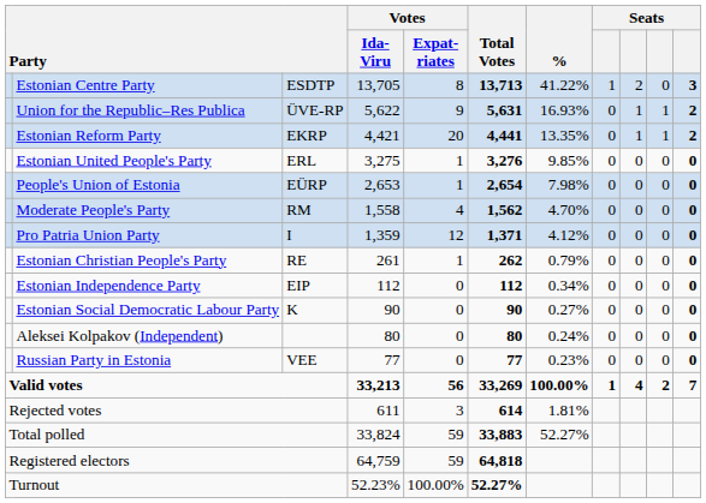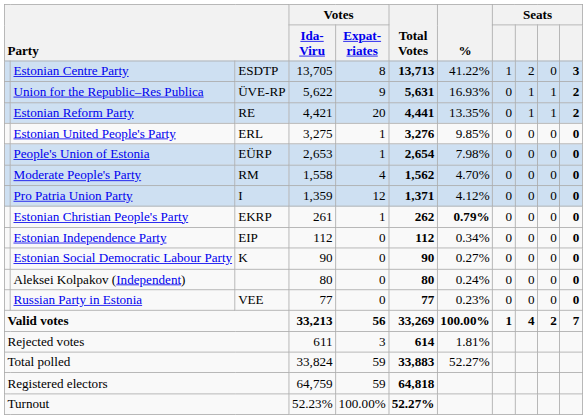 <table class="wikitable" border="1" style="text-align:right;">
 <tr>
 <th style="text-align:left;" valign=bottom rowspan=2 colspan=3>Party</th>
 <th colspan=2>Votes</th>
 <th align=center valign=bottom rowspan=2 width="50">Total Votes</th>
 <th align=center valign=bottom rowspan=2 width="50">%</th>
 <th colspan=4>Seats</th>
 </tr>
 <tr>
 <th align=center valign=bottom width="50"><a href='#'>Ida- Viru</a></th>
 <th align=center valign=bottom width="50"><a href='#'>Expat- riates</a></th>
 <th align=center valign=bottom width="20"><small></small></th>
 <th align=center valign=bottom width="20"><small></small></th>
 <th align=center valign=bottom width="20"><small></small></th>
 <th align=center valign=bottom width="20"><small></small></th>
 </tr>
 <tr style="background:#CEE0F2;">
 <td style="background:"></td>
 <td align=left><a href='#'>Estonian Centre Party</a></td>
 <td align=left>ESDTP</td>
 <td>13,705</td>
 <td>8</td>
 <td><strong>13,713</strong></td>
 <td>41.22%</td>
 <td>1</td>
 <td>2</td>
 <td>0</td>
 <td><strong>3</strong></td>
 </tr>
 <tr style="background:#CEE0F2;">
 <td style="background:"></td>
 <td align=left><a href='#'>Union for the Republic–Res Publica</a></td>
 <td align=left>ÜVE-RP</td>
 <td>5,622</td>
 <td>9</td>
 <td><strong>5,631</strong></td>
 <td>16.93%</td>
 <td>0</td>
 <td>1</td>
 <td>1</td>
 <td><strong>2</strong></td>
 </tr>
 <tr style="background:#CEE0F2;">
 <td style="background:"></td>
 <td align=left><a href='#'>Estonian Reform Party</a></td>
-<td align=left>EKRP</td>
+<td align=left>RE</td>
 <td>4,421</td>
 <td>20</td>
 <td><strong>4,441</strong></td>
 <td>13.35%</td>
 <td>0</td>
 <td>1</td>
 <td>1</td>
 <td><strong>2</strong></td>
 </tr>
 <tr>
 <td style="background:"></td>
 <td align=left><a href='#'>Estonian United People's Party</a></td>
 <td align=left>ERL</td>
 <td>3,275</td>
 <td>1</td>
 <td><strong>3,276</strong></td>
 <td>9.85%</td>
 <td>0</td>
 <td>0</td>
 <td>0</td>
 <td><strong>0</strong></td>
 </tr>
 <tr style="background:#CEE0F2;">
 <td style="background:"></td>
 <td align=left><a href='#'>People's Union of Estonia</a></td>
 <td align=left>EÜRP</td>
 <td>2,653</td>
 <td>1</td>
 <td><strong>2,654</strong></td>
 <td>7.98%</td>
 <td>0</td>
 <td>0</td>
 <td>0</td>
 <td><strong>0</strong></td>
 </tr>
 <tr style="background:#CEE0F2;">
 <td style="background:"></td>
 <td align=left><a href='#'>Moderate People's Party</a></td>
 <td align=left>RM</td>
 <td>1,558</td>
 <td>4</td>
 <td><strong>1,562</strong></td>
 <td>4.70%</td>
 <td>0</td>
 <td>0</td>
 <td>0</td>
 <td><strong>0</strong></td>
 </tr>
 <tr style="background:#CEE0F2;">
 <td style="background:"></td>
 <td align=left><a href='#'>Pro Patria Union Party</a></td>
 <td align=left>I</td>
 <td>1,359</td>
 <td>12</td>
 <td><strong>1,371</strong></td>
 <td>4.12%</td>
 <td>0</td>
 <td>0</td>
 <td>0</td>
 <td><strong>0</strong></td>
 </tr>
 <tr>
 <td style="background:"></td>
 <td align=left><a href='#'>Estonian Christian People's Party</a></td>
-<td align=left>RE</td>
+<td align=left>EKRP</td>
 <td>261</td>
 <td>1</td>
 <td><strong>262</strong></td>
-<td>0.79%</td>
+<td><strong>0.79%</strong></td>
 <td>0</td>
 <td>0</td>
 <td>0</td>
 <td><strong>0</strong></td>
 </tr>
 <tr>
 <td style="background:"></td>
 <td align=left><a href='#'>Estonian Independence Party</a></td>
 <td align=left>EIP</td>
 <td>112</td>
 <td>0</td>
 <td><strong>112</strong></td>
 <td>0.34%</td>
 <td>0</td>
 <td>0</td>
 <td>0</td>
 <td><strong>0</strong></td>
 </tr>
 <tr>
 <td style="background:"></td>
 <td align=left><a href='#'>Estonian Social Democratic Labour Party</a></td>
 <td align=left>K</td>
 <td>90</td>
 <td>0</td>
 <td><strong>90</strong></td>
 <td>0.27%</td>
 <td>0</td>
 <td>0</td>
 <td>0</td>
 <td><strong>0</strong></td>
 </tr>
 <tr>
 <td style="background:"></td>
 <td align=left>Aleksei Kolpakov (<a href='#'>Independent</a>)</td>
 <td></td>
 <td>80</td>
 <td>0</td>
 <td><strong>80</strong></td>
 <td>0.24%</td>
 <td>0</td>
 <td>0</td>
 <td>0</td>
 <td><strong>0</strong></td>
 </tr>
 <tr>
 <td></td>
 <td align=left><a href='#'>Russian Party in Estonia</a></td>
 <td align=left>VEE</td>
 <td>77</td>
 <td>0</td>
 <td><strong>77</strong></td>
 <td>0.23%</td>
 <td>0</td>
 <td>0</td>
 <td>0</td>
 <td><strong>0</strong></td>
 </tr>
 <tr style="font-weight:bold">
 <td align=left colspan=3>Valid votes</td>
 <td>33,213</td>
 <td>56</td>
 <td>33,269</td>
 <td>100.00%</td>
 <td>1</td>
 <td>4</td>
 <td>2</td>
 <td>7</td>
 </tr>
 <tr>
 <td align=left colspan=3>Rejected votes</td>
 <td>611</td>
 <td>3</td>
 <td><strong>614</strong></td>
 <td>1.81%</td>
 <td></td>
 <td></td>
 <td></td>
 <td></td>
 </tr>
 <tr>
 <td align=left colspan=3>Total polled</td>
 <td>33,824</td>
 <td>59</td>
 <td><strong>33,883</strong></td>
 <td>52.27%</td>
 <td></td>
 <td></td>
 <td></td>
 <td></td>
 </tr>
 <tr>
 <td align=left colspan=3>Registered electors</td>
 <td>64,759</td>
 <td>59</td>
 <td><strong>64,818</strong></td>
 <td></td>
 <td></td>
 <td></td>
 <td></td>
 <td></td>
 </tr>
 <tr>
 <td align=left colspan=3>Turnout</td>
 <td>52.23%</td>
 <td>100.00%</td>
 <td><strong>52.27%</strong></td>
 <td></td>
 <td></td>
 <td></td>
 <td></td>
 <td></td>
 </tr>
 </table>
